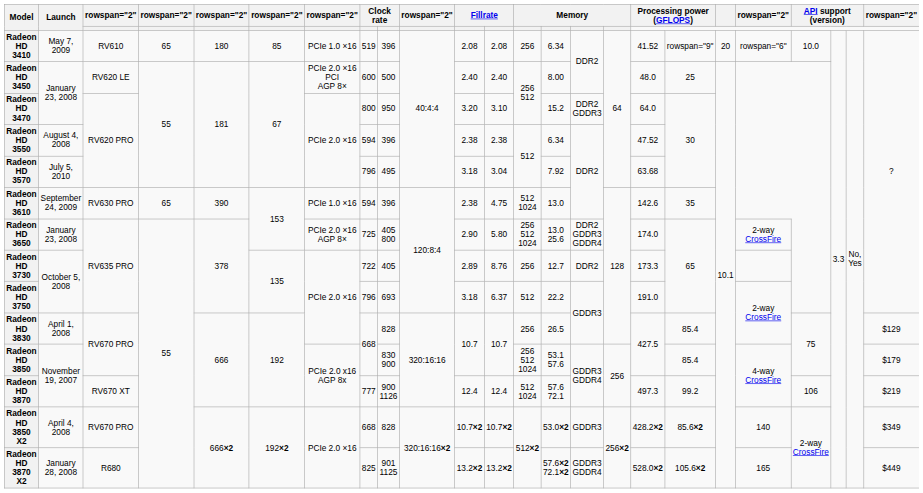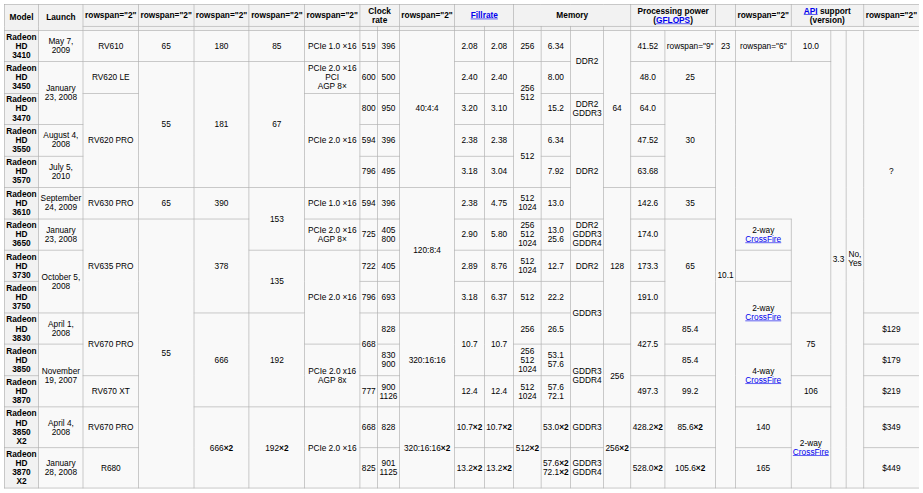 <table class="mw-datatable wikitable sortable" style="font-size:85%; text-align:center;">
 <tr>
 <th rowspan="2">Model</th>
 <th rowspan="2">Launch</th>
 <th>rowspan="2" </th>
 <th>rowspan="2" </th>
 <th>rowspan="2" </th>
 <th>rowspan="2" </th>
 <th>rowspan="2" </th>
 <th colspan="2">Clock rate</th>
 <th>rowspan="2" </th>
 <th colspan="2"><a href='#'>Fillrate</a></th>
 <th colspan="4">Memory</th>
 <th colspan="2">Processing power<br>(<a href='#'>GFLOPS</a>)</th>
 <th></th>
 <th>rowspan="2" </th>
 <th colspan="3"><a href='#'>API</a> support (version)</th>
 <th>rowspan="2" </th>
 </tr>
 <tr>
 <th></th>
 <th></th>
 <th></th>
 <th></th>
 <th></th>
 <th></th>
 <th></th>
 <th></th>
 <th></th>
 <th></th>
 <th></th>
 <th></th>
 <th></th>
 <th></th>
 </tr>
 <tr>
 <th>Radeon HD 3410</th>
 <td>May 7, 2009</td>
 <td>RV610</td>
 <td>65</td>
 <td>180</td>
 <td>85</td>
 <td>PCIe 1.0 ×16</td>
 <td>519</td>
 <td>396</td>
 <td rowspan="5">40:4:4</td>
 <td>2.08</td>
 <td>2.08</td>
 <td>256</td>
 <td>6.34</td>
 <td rowspan="2">DDR2</td>
 <td rowspan="5">64</td>
 <td>41.52</td>
 <td>rowspan="9" </td>
-<td>20</td>
+<td>23</td>
 <td>rowspan="6" </td>
 <td>10.0</td>
 <td rowspan="14">3.3</td>
 <td rowspan="14">No, Yes</td>
 <td rowspan="9">?</td>
 </tr>
 <tr>
 <th>Radeon HD 3450</th>
 <td rowspan="2">January 23, 2008</td>
 <td>RV620 LE</td>
 <td rowspan="4">55</td>
 <td rowspan="4">181</td>
 <td rowspan="4">67</td>
 <td>PCIe 2.0 ×16<br>PCI<br>AGP 8×</td>
 <td>600</td>
 <td>500</td>
 <td>2.40</td>
 <td>2.40</td>
 <td rowspan="2">256<br>512</td>
 <td>8.00</td>
 <td>48.0</td>
 <td>25</td>
 <td rowspan="13">10.1</td>
 </tr>
 <tr>
 <th>Radeon HD 3470</th>
 <td rowspan="3">RV620 PRO</td>
 <td rowspan="3">PCIe 2.0 ×16</td>
 <td>800</td>
 <td>950</td>
 <td>3.20</td>
 <td>3.10</td>
 <td>15.2</td>
 <td>DDR2<br>GDDR3</td>
 <td>64.0</td>
 <td rowspan="3">30</td>
 </tr>
 <tr>
 <th>Radeon HD 3550</th>
 <td>August 4, 2008</td>
 <td>594</td>
 <td>396</td>
 <td>2.38</td>
 <td>2.38</td>
 <td rowspan="2">512</td>
 <td>6.34</td>
 <td rowspan="3">DDR2</td>
 <td>47.52</td>
 </tr>
 <tr>
 <th>Radeon HD 3570</th>
 <td>July 5, 2010</td>
 <td>796</td>
 <td>495</td>
 <td>3.18</td>
 <td>3.04</td>
 <td>7.92</td>
 <td>63.68</td>
 </tr>
 <tr>
 <th>Radeon HD 3610</th>
 <td>September 24, 2009</td>
 <td>RV630 PRO</td>
 <td>65</td>
 <td>390</td>
 <td rowspan="2">153</td>
 <td>PCIe 1.0 ×16</td>
 <td>594</td>
 <td>396</td>
 <td rowspan="4">120:8:4</td>
 <td>2.38</td>
 <td>4.75</td>
 <td>512<br>1024</td>
 <td>13.0</td>
 <td rowspan="5">128</td>
 <td>142.6</td>
 <td>35</td>
 </tr>
 <tr>
 <th>Radeon HD 3650</th>
 <td>January 23, 2008</td>
 <td rowspan="3">RV635 PRO</td>
 <td rowspan="8">55</td>
 <td rowspan="3">378</td>
 <td>PCIe 2.0 ×16<br>AGP 8×</td>
 <td>725</td>
 <td>405<br>800</td>
 <td>2.90</td>
 <td>5.80</td>
 <td>256<br>512<br>1024</td>
 <td>13.0<br>25.6</td>
 <td>DDR2<br>GDDR3<br>GDDR4</td>
 <td>174.0</td>
 <td rowspan="3">65</td>
 <td rowspan="1">2-way <a href='#'>CrossFire</a></td>
 </tr>
 <tr>
 <th>Radeon HD 3730</th>
 <td rowspan="2">October 5, 2008</td>
 <td rowspan="2">135</td>
 <td rowspan="3">PCIe 2.0 ×16</td>
 <td>722</td>
 <td>405</td>
 <td>2.89</td>
 <td>8.76</td>
-<td>256</td>
+<td>512<br>1024</td>
 <td>12.7</td>
 <td>DDR2</td>
 <td>173.3</td>
 <td></td>
 </tr>
 <tr>
 <th>Radeon HD 3750</th>
 <td>796</td>
 <td>693</td>
 <td>3.18</td>
 <td>6.37</td>
 <td>512</td>
 <td>22.2</td>
 <td rowspan="2">GDDR3</td>
 <td>191.0</td>
 <td rowspan="2">2-way <a href='#'>CrossFire</a></td>
 </tr>
 <tr>
 <th>Radeon HD 3830</th>
 <td>April 1, 2008</td>
 <td rowspan="2">RV670 PRO</td>
 <td rowspan="3">666</td>
 <td rowspan="3">192</td>
 <td rowspan="2">668</td>
 <td>828</td>
 <td rowspan="3">320:16:16</td>
 <td rowspan="2">10.7</td>
 <td rowspan="2">10.7</td>
 <td>256</td>
 <td>26.5</td>
 <td rowspan="2">427.5</td>
 <td>85.4</td>
 <td rowspan="2">75</td>
 <td>$129</td>
 </tr>
 <tr>
 <th>Radeon HD 3850</th>
 <td rowspan="2">November 19, 2007</td>
 <td rowspan="2">PCIe 2.0 x16<br>AGP 8x</td>
 <td>830<br>900</td>
 <td>256<br>512<br>1024</td>
 <td>53.1<br>57.6</td>
 <td rowspan="2">GDDR3<br>GDDR4</td>
 <td rowspan="2">256</td>
 <td>85.4</td>
 <td rowspan="2">4-way <a href='#'>CrossFire</a></td>
 <td>$179</td>
 </tr>
 <tr>
 <th>Radeon HD 3870</th>
 <td>RV670 XT</td>
 <td>777</td>
 <td>900<br>1126</td>
 <td>12.4</td>
 <td>12.4</td>
 <td>512<br>1024</td>
 <td>57.6<br>72.1</td>
 <td>497.3</td>
 <td>99.2</td>
 <td>106</td>
 <td>$219</td>
 </tr>
 <tr>
 <th>Radeon HD 3850 X2</th>
 <td>April 4, 2008</td>
 <td>RV670 PRO</td>
 <td rowspan="2">666<strong>×2</strong></td>
 <td rowspan="2">192<strong>×2</strong></td>
 <td rowspan="2">PCIe 2.0 ×16</td>
 <td>668</td>
 <td>828</td>
 <td rowspan="2">320:16:16<strong>×2</strong></td>
 <td>10.7<strong>×2</strong></td>
 <td>10.7<strong>×2</strong></td>
 <td rowspan="2">512<strong>×2</strong></td>
 <td>53.0<strong>×2</strong></td>
 <td>GDDR3</td>
 <td rowspan="2">256<strong>×2</strong></td>
 <td>428.2<strong>×2</strong></td>
 <td>85.6<strong>×2</strong></td>
 <td>140</td>
 <td rowspan="2">2-way <a href='#'>CrossFire</a></td>
 <td>$349</td>
 </tr>
 <tr>
 <th>Radeon HD 3870 X2</th>
 <td>January 28, 2008</td>
 <td>R680</td>
 <td>825</td>
 <td>901<br>1125</td>
 <td>13.2<strong>×2</strong></td>
 <td>13.2<strong>×2</strong></td>
 <td>57.6<strong>×2</strong><br>72.1<strong>×2</strong></td>
 <td>GDDR3<br>GDDR4</td>
 <td>528.0<strong>×2</strong></td>
 <td>105.6<strong>×2</strong></td>
 <td>165</td>
 <td>$449</td>
 </tr>
 </table>
